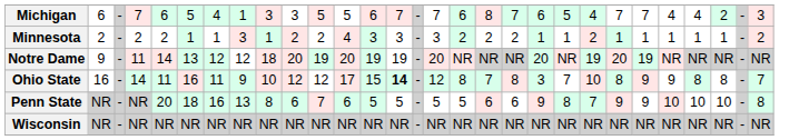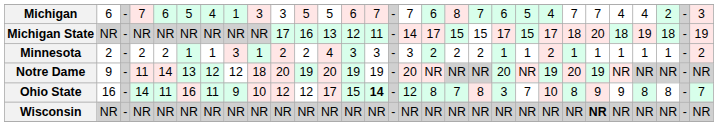 <table class="wikitable sortable" style="text-align: center;">
 <tr>
 </tr>
 <tr bgcolor=d0d0d0>
 <th>Michigan</th>
 <td bgcolor=ffffff>6</td>
 <td>-</td>
 <td bgcolor=FFE6E6>7</td>
 <td bgcolor=D8FFEB>6</td>
 <td bgcolor=D8FFEB>5</td>
 <td bgcolor=D8FFEB>4</td>
 <td bgcolor=D8FFEB>1</td>
 <td bgcolor=FFE6E6>3</td>
 <td bgcolor=FFFFFF>3</td>
 <td bgcolor=FFE6E6>5</td>
 <td bgcolor=FFFFFF>5</td>
 <td bgcolor=FFE6E6>6</td>
 <td bgcolor=FFE6E6>7</td>
 <td>-</td>
 <td bgcolor=FFFFFF>7</td>
 <td bgcolor=D8FFEB>6</td>
 <td bgcolor=FFE6E6>8</td>
 <td bgcolor=D8FFEB>7</td>
 <td bgcolor=D8FFEB>6</td>
 <td bgcolor=D8FFEB>5</td>
 <td bgcolor=D8FFEB>4</td>
 <td bgcolor=FFFFFF>7</td>
 <td bgcolor=FFFFFF>7</td>
 <td bgcolor=FFFFFF>4</td>
 <td bgcolor=FFFFFF>4</td>
 <td bgcolor=D8FFEB>2</td>
 <td>-</td>
 <td bgcolor=FFE6E6>3</td>
+</tr>
+<tr bgcolor=d0d0d0>
+<th>Michigan State</th>
+<td>NR</td>
+<td>-</td>
+<td>NR</td>
+<td>NR</td>
+<td>NR</td>
+<td>NR</td>
+<td>NR</td>
+<td>NR</td>
+<td bgcolor=D8FFEB>17</td>
+<td bgcolor=D8FFEB>16</td>
+<td bgcolor=D8FFEB>13</td>
+<td bgcolor=D8FFEB>12</td>
+<td bgcolor=D8FFEB>11</td>
+<td>-</td>
+<td bgcolor=FFE6E6>14</td>
+<td bgcolor=FFE6E6>17</td>
+<td bgcolor=D8FFEB>15</td>
+<td bgcolor=ffffff>15</td>
+<td bgcolor=FFE6E6>17</td>
+<td bgcolor=D8FFEB>15</td>
+<td bgcolor=FFE6E6>17</td>
+<td bgcolor=FFE6E6>18</td>
+<td bgcolor=FFE6E6>20</td>
+<td bgcolor=D8FFEB>18</td>
+<td bgcolor=FFE6E6>19</td>
+<td bgcolor=D8FFEB>18</td>
+<td>-</td>
+<td bgcolor=FFE6E6>19</td>
 </tr>
 <tr bgcolor=d0d0d0>
 <th>Minnesota</th>
 <td bgcolor=ffffff>2</td>
 <td>-</td>
 <td bgcolor=ffffff>2</td>
 <td bgcolor=ffffff>2</td>
 <td bgcolor=D8FFEB>1</td>
 <td bgcolor=ffffff>1</td>
 <td bgcolor=FFE6E6>3</td>
 <td bgcolor=D8FFEB>1</td>
 <td bgcolor=FFE6E6>2</td>
 <td bgcolor=ffffff>2</td>
 <td bgcolor=FFE6E6>4</td>
 <td bgcolor=D8FFEB>3</td>
 <td bgcolor=ffffff>3</td>
 <td>-</td>
 <td bgcolor=ffffff>3</td>
 <td bgcolor=D8FFEB>2</td>
 <td bgcolor=ffffff>2</td>
 <td bgcolor=ffffff>2</td>
 <td bgcolor=D8FFEB>1</td>
 <td bgcolor=ffffff>1</td>
 <td bgcolor=FFE6E6>2</td>
 <td bgcolor=D8FFEB>1</td>
 <td bgcolor=ffffff>1</td>
 <td bgcolor=ffffff>1</td>
 <td bgcolor=ffffff>1</td>
 <td bgcolor=ffffff>1</td>
 <td>-</td>
 <td bgcolor=FFE6E6>2</td>
 </tr>
 <tr bgcolor=d0d0d0>
 <th>Notre Dame</th>
 <td bgcolor=ffffff>9</td>
 <td>-</td>
 <td bgcolor=FFE6E6>11</td>
 <td bgcolor=FFE6E6>14</td>
 <td bgcolor=D8FFEB>13</td>
 <td bgcolor=D8FFEB>12</td>
 <td bgcolor=ffffff>12</td>
 <td bgcolor=FFE6E6>18</td>
 <td bgcolor=FFE6E6>20</td>
 <td bgcolor=D8FFEB>19</td>
 <td bgcolor=FFE6E6>20</td>
 <td bgcolor=D8FFEB>19</td>
 <td bgcolor=ffffff>19</td>
 <td>-</td>
 <td bgcolor=FFE6E6>20</td>
 <td bgcolor=FFE6E6>NR</td>
 <td>NR</td>
 <td>NR</td>
 <td bgcolor=D8FFEB>20</td>
 <td bgcolor=FFE6E6>NR</td>
 <td bgcolor=D8FFEB>19</td>
 <td bgcolor=FFE6E6>20</td>
 <td bgcolor=D8FFEB>19</td>
 <td bgcolor=FFE6E6>NR</td>
 <td>NR</td>
 <td>NR</td>
 <td>-</td>
 <td>NR</td>
 </tr>
 <tr bgcolor=d0d0d0>
 <th>Ohio State</th>
 <td bgcolor=ffffff>16</td>
 <td>-</td>
 <td bgcolor=D8FFEB>14</td>
 <td bgcolor=D8FFEB>11</td>
 <td bgcolor=FFE6E6>16</td>
 <td bgcolor=D8FFEB>11</td>
 <td bgcolor=D8FFEB>9</td>
 <td bgcolor=FFE6E6>10</td>
 <td bgcolor=FFE6E6>12</td>
 <td bgcolor=ffffff>12</td>
 <td bgcolor=FFE6E6>17</td>
 <td bgcolor=D8FFEB>15</td>
 <td bgcolor=D8FFEB><strong>14</strong></td>
 <td>-</td>
 <td bgcolor=D8FFEB>12</td>
 <td bgcolor=D8FFEB>8</td>
 <td bgcolor=D8FFEB>7</td>
 <td bgcolor=FFE6E6>8</td>
 <td bgcolor=D8FFEB>3</td>
 <td bgcolor=ffffff>7</td>
 <td bgcolor=FFE6E6>10</td>
 <td bgcolor=D8FFEB>8</td>
 <td bgcolor=FFE6E6>9</td>
 <td bgcolor=ffffff>9</td>
 <td bgcolor=D8FFEB>8</td>
 <td bgcolor=ffffff>8</td>
 <td>-</td>
 <td bgcolor=D8FFEB>7</td>
 </tr>
 <tr bgcolor=d0d0d0>
-<th>Penn State</th>
-<td>NR</td>
-<td>-</td>
-<td>NR</td>
-<td bgcolor=D8FFEB>20</td>
-<td bgcolor=D8FFEB>18</td>
-<td bgcolor=D8FFEB>16</td>
-<td bgcolor=D8FFEB>13</td>
-<td bgcolor=D8FFEB>8</td>
-<td bgcolor=D8FFEB>6</td>
-<td bgcolor=FFE6E6>7</td>
-<td bgcolor=D8FFEB>6</td>
-<td bgcolor=D8FFEB>5</td>
-<td bgcolor=ffffff>5</td>
-<td>-</td>
-<td bgcolor=ffffff>5</td>
-<td bgcolor=ffffff>5</td>
-<td bgcolor=FFE6E6>6</td>
-<td bgcolor=ffffff>6</td>
-<td bgcolor=FFE6E6>9</td>
-<td bgcolor=D8FFEB>8</td>
-<td bgcolor=D8FFEB>7</td>
-<td bgcolor=FFE6E6>9</td>
-<td bgcolor=ffffff>9</td>
-<td bgcolor=FFE6E6>10</td>
-<td bgcolor=ffffff>10</td>
-<td bgcolor=ffffff>10</td>
-<td>-</td>
-<td bgcolor=D8FFEB>8</td>
-</tr>
-<tr bgcolor=d0d0d0>
 <th>Wisconsin</th>
 <td>NR</td>
 <td>-</td>
 <td>NR</td>
 <td>NR</td>
 <td>NR</td>
 <td>NR</td>
 <td>NR</td>
 <td>NR</td>
 <td>NR</td>
 <td>NR</td>
 <td>NR</td>
 <td>NR</td>
 <td>NR</td>
 <td>-</td>
 <td>NR</td>
 <td>NR</td>
 <td>NR</td>
 <td>NR</td>
 <td>NR</td>
 <td>NR</td>
 <td>NR</td>
 <td>NR</td>
-<td>NR</td>
+<td><strong>NR</strong></td>
 <td>NR</td>
 <td>NR</td>
 <td>NR</td>
 <td>-</td>
 <td>NR</td>
 </tr>
 <tr>
 </tr>
 </table>
